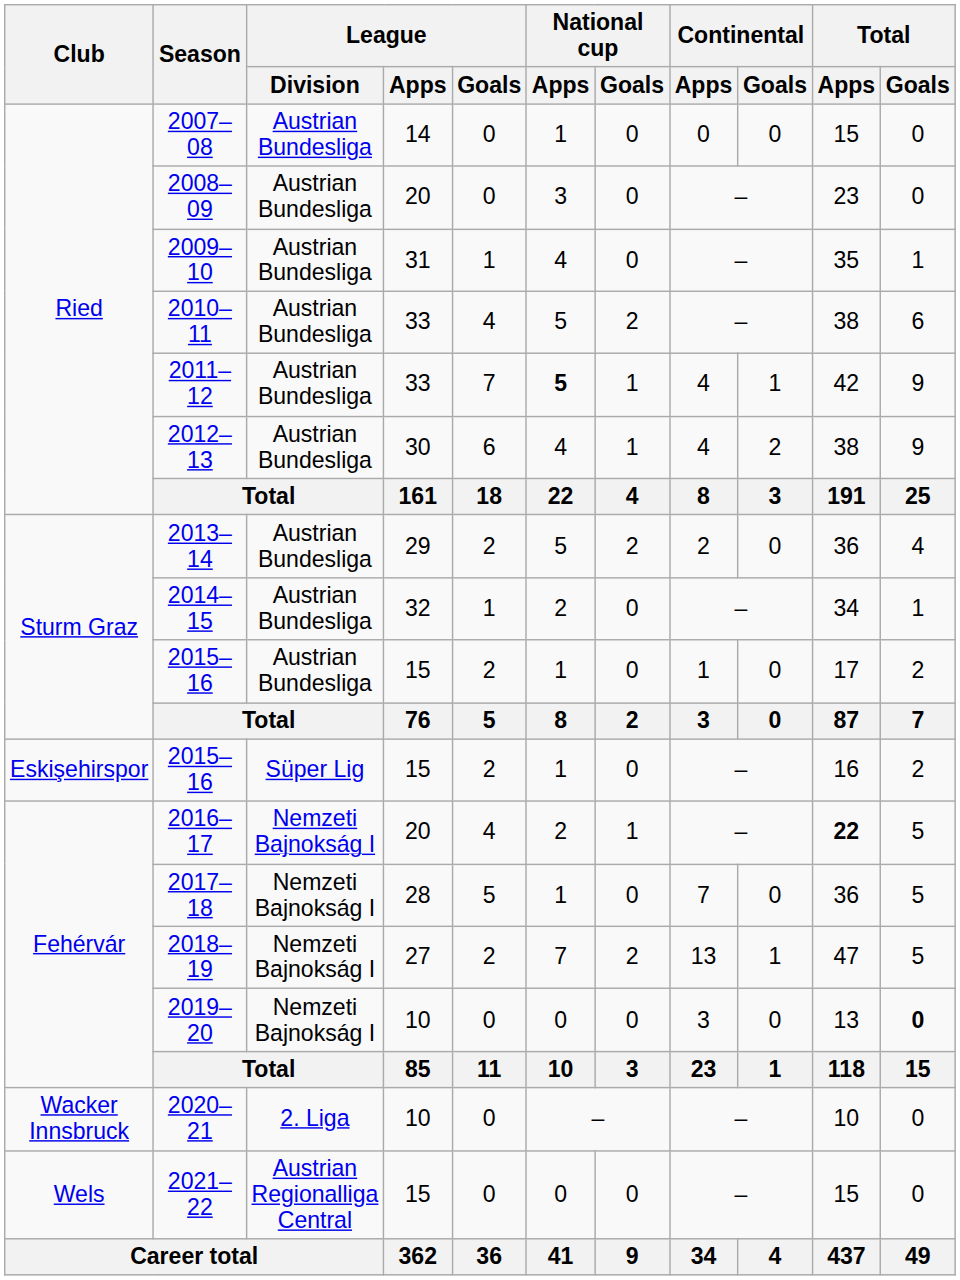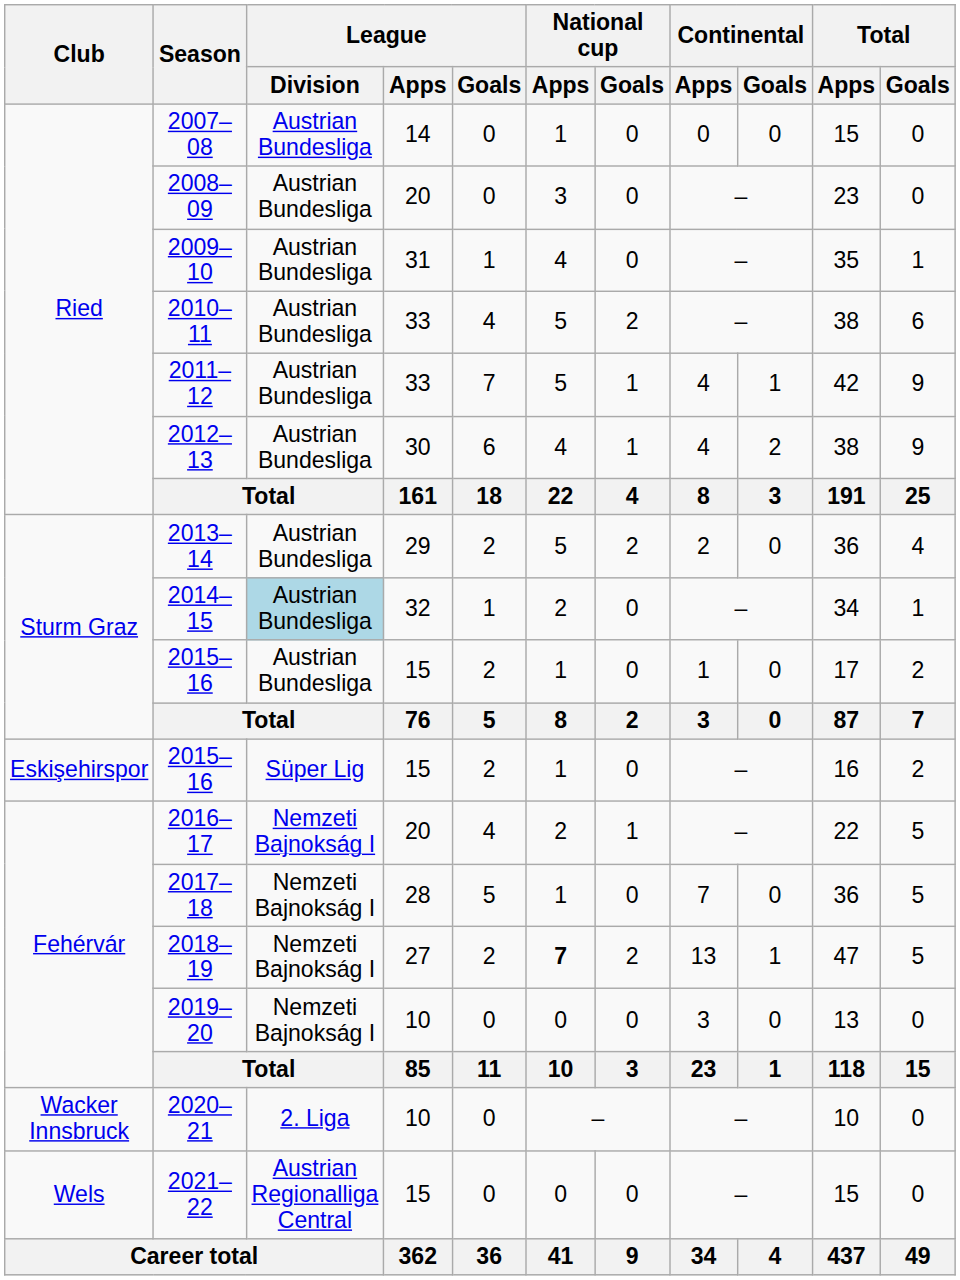 <table class="wikitable" style="text-align:center">
 <tr>
 <th rowspan=2>Club</th>
 <th rowspan=2>Season</th>
 <th colspan=3>League</th>
 <th colspan=2>National cup</th>
 <th colspan=2>Continental</th>
 <th colspan=2>Total</th>
 </tr>
 <tr>
 <th>Division</th>
 <th>Apps</th>
 <th>Goals</th>
 <th>Apps</th>
 <th>Goals</th>
 <th>Apps</th>
 <th>Goals</th>
 <th>Apps</th>
 <th>Goals</th>
 </tr>
 <tr>
 <td rowspan=7><a href='#'>Ried</a></td>
 <td><a href='#'>2007–08</a></td>
 <td><a href='#'>Austrian Bundesliga</a></td>
 <td>14</td>
 <td>0</td>
 <td>1</td>
 <td>0</td>
 <td>0</td>
 <td>0</td>
 <td>15</td>
 <td>0</td>
 </tr>
 <tr>
 <td><a href='#'>2008–09</a></td>
 <td>Austrian Bundesliga</td>
 <td>20</td>
 <td>0</td>
 <td>3</td>
 <td>0</td>
 <td colspan=2>–</td>
 <td>23</td>
 <td>0</td>
 </tr>
 <tr>
 <td><a href='#'>2009–10</a></td>
 <td>Austrian Bundesliga</td>
 <td>31</td>
 <td>1</td>
 <td>4</td>
 <td>0</td>
 <td colspan=2>–</td>
 <td>35</td>
 <td>1</td>
 </tr>
 <tr>
 <td><a href='#'>2010–11</a></td>
 <td>Austrian Bundesliga</td>
 <td>33</td>
 <td>4</td>
 <td>5</td>
 <td>2</td>
 <td colspan=2>–</td>
 <td>38</td>
 <td>6</td>
 </tr>
 <tr>
 <td><a href='#'>2011–12</a></td>
 <td>Austrian Bundesliga</td>
 <td>33</td>
 <td>7</td>
-<td><strong>5</strong></td>
+<td>5</td>
 <td>1</td>
 <td>4</td>
 <td>1</td>
 <td>42</td>
 <td>9</td>
 </tr>
 <tr>
 <td><a href='#'>2012–13</a></td>
 <td>Austrian Bundesliga</td>
 <td>30</td>
 <td>6</td>
 <td>4</td>
 <td>1</td>
 <td>4</td>
 <td>2</td>
 <td>38</td>
 <td>9</td>
 </tr>
 <tr>
 <th colspan=2>Total</th>
 <th>161</th>
 <th>18</th>
 <th>22</th>
 <th>4</th>
 <th>8</th>
 <th>3</th>
 <th>191</th>
 <th>25</th>
 </tr>
 <tr>
 <td rowspan=4><a href='#'>Sturm Graz</a></td>
 <td><a href='#'>2013–14</a></td>
 <td>Austrian Bundesliga</td>
 <td>29</td>
 <td>2</td>
 <td>5</td>
 <td>2</td>
 <td>2</td>
 <td>0</td>
 <td>36</td>
 <td>4</td>
 </tr>
 <tr>
 <td><a href='#'>2014–15</a></td>
-<td>Austrian Bundesliga</td>
+<td style="background: lightblue;">Austrian Bundesliga</td>
 <td>32</td>
 <td>1</td>
 <td>2</td>
 <td>0</td>
 <td colspan=2>–</td>
 <td>34</td>
 <td>1</td>
 </tr>
 <tr>
 <td><a href='#'>2015–16</a></td>
 <td>Austrian Bundesliga</td>
 <td>15</td>
 <td>2</td>
 <td>1</td>
 <td>0</td>
 <td>1</td>
 <td>0</td>
 <td>17</td>
 <td>2</td>
 </tr>
 <tr>
 <th colspan=2>Total</th>
 <th>76</th>
 <th>5</th>
 <th>8</th>
 <th>2</th>
 <th>3</th>
 <th>0</th>
 <th>87</th>
 <th>7</th>
 </tr>
 <tr>
 <td><a href='#'>Eskişehirspor</a></td>
 <td><a href='#'>2015–16</a></td>
 <td><a href='#'>Süper Lig</a></td>
 <td>15</td>
 <td>2</td>
 <td>1</td>
 <td>0</td>
 <td colspan=2>–</td>
 <td>16</td>
 <td>2</td>
 </tr>
 <tr>
 <td rowspan=5><a href='#'>Fehérvár</a></td>
 <td><a href='#'>2016–17</a></td>
 <td><a href='#'>Nemzeti Bajnokság I</a></td>
 <td>20</td>
 <td>4</td>
 <td>2</td>
 <td>1</td>
 <td colspan=2>–</td>
-<td><strong>22</strong></td>
+<td>22</td>
 <td>5</td>
 </tr>
 <tr>
 <td><a href='#'>2017–18</a></td>
 <td>Nemzeti Bajnokság I</td>
 <td>28</td>
 <td>5</td>
 <td>1</td>
 <td>0</td>
 <td>7</td>
 <td>0</td>
 <td>36</td>
 <td>5</td>
 </tr>
 <tr>
 <td><a href='#'>2018–19</a></td>
 <td>Nemzeti Bajnokság I</td>
 <td>27</td>
 <td>2</td>
-<td>7</td>
+<td><strong>7</strong></td>
 <td>2</td>
 <td>13</td>
 <td>1</td>
 <td>47</td>
 <td>5</td>
 </tr>
 <tr>
 <td><a href='#'>2019–20</a></td>
 <td>Nemzeti Bajnokság I</td>
 <td>10</td>
 <td>0</td>
 <td>0</td>
 <td>0</td>
 <td>3</td>
 <td>0</td>
 <td>13</td>
-<td><strong>0</strong></td>
+<td>0</td>
 </tr>
 <tr>
 <th colspan=2>Total</th>
 <th>85</th>
 <th>11</th>
 <th>10</th>
 <th>3</th>
 <th>23</th>
 <th>1</th>
 <th>118</th>
 <th>15</th>
 </tr>
 <tr>
 <td><a href='#'>Wacker Innsbruck</a></td>
 <td><a href='#'>2020–21</a></td>
 <td><a href='#'>2. Liga</a></td>
 <td>10</td>
 <td>0</td>
 <td colspan=2>–</td>
 <td colspan=2>–</td>
 <td>10</td>
 <td>0</td>
 </tr>
 <tr>
 <td><a href='#'>Wels</a></td>
 <td><a href='#'>2021–22</a></td>
 <td><a href='#'>Austrian Regionalliga Central</a></td>
 <td>15</td>
 <td>0</td>
 <td>0</td>
 <td>0</td>
 <td colspan=2>–</td>
 <td>15</td>
 <td>0</td>
 </tr>
 <tr>
 <th colspan=3>Career total</th>
 <th>362</th>
 <th>36</th>
 <th>41</th>
 <th>9</th>
 <th>34</th>
 <th>4</th>
 <th>437</th>
 <th>49</th>
 </tr>
 </table>
